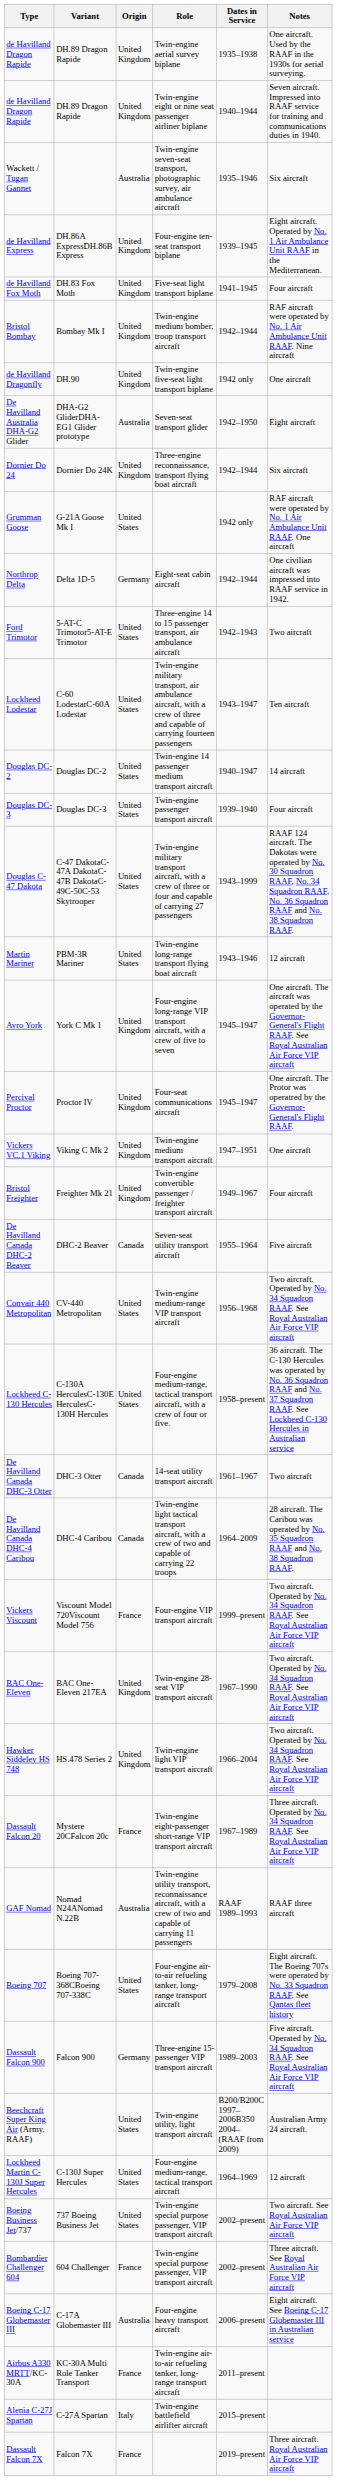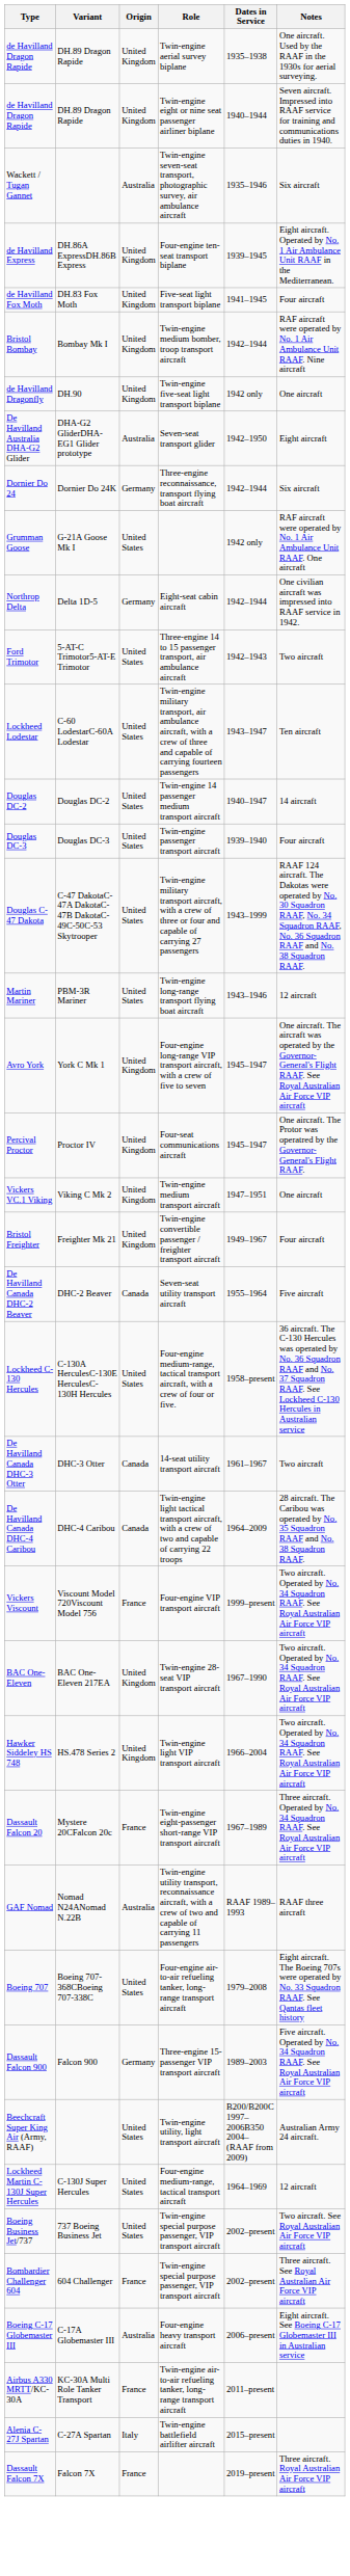 <table class="wikitable sortable">
 <tr>
 <th>Type</th>
 <th>Variant</th>
 <th>Origin</th>
 <th>Role</th>
 <th>Dates in Service</th>
 <th>Notes</th>
 </tr>
 <tr>
 <td><a href='#'>de Havilland Dragon Rapide</a></td>
 <td>DH.89 Dragon Rapide</td>
 <td>United Kingdom</td>
 <td>Twin-engine aerial survey biplane</td>
 <td>1935–1938</td>
 <td>One aircraft. Used by the RAAF in the 1930s for aerial surveying.</td>
 </tr>
 <tr>
 <td><a href='#'>de Havilland Dragon Rapide</a></td>
 <td>DH.89 Dragon Rapide</td>
 <td>United Kingdom</td>
 <td>Twin-engine eight or nine seat passenger airliner biplane</td>
 <td>1940–1944</td>
 <td>Seven aircraft. Impressed into RAAF service for training and communications duties in 1940.</td>
 </tr>
 <tr>
 <td>Wackett / <a href='#'>Tugan Gannet</a></td>
 <td></td>
 <td>Australia</td>
 <td>Twin-engine seven-seat transport, photographic survey, air ambulance aircraft</td>
 <td>1935–1946</td>
 <td>Six aircraft</td>
 </tr>
 <tr>
 <td><a href='#'>de Havilland Express</a></td>
 <td>DH.86A ExpressDH.86B Express</td>
 <td>United Kingdom</td>
 <td>Four-engine ten-seat transport biplane</td>
 <td>1939–1945</td>
 <td>Eight aircraft. Operated by <a href='#'>No. 1 Air Ambulance Unit RAAF</a> in the Mediterranean.</td>
 </tr>
 <tr>
 <td><a href='#'>de Havilland Fox Moth</a></td>
 <td>DH.83 Fox Moth</td>
 <td>United Kingdom</td>
 <td>Five-seat light transport biplane</td>
 <td>1941–1945</td>
 <td>Four aircraft</td>
 </tr>
 <tr>
 <td><a href='#'>Bristol Bombay</a></td>
 <td>Bombay Mk I</td>
 <td>United Kingdom</td>
 <td>Twin-engine medium bomber, troop transport aircraft</td>
 <td>1942–1944</td>
 <td>RAF aircraft were operated by <a href='#'>No. 1 Air Ambulance Unit RAAF</a>. Nine aircraft</td>
 </tr>
 <tr>
 <td><a href='#'>de Havilland Dragonfly</a></td>
 <td>DH.90</td>
 <td>United Kingdom</td>
 <td>Twin-engine five-seat light transport biplane</td>
 <td>1942 only</td>
 <td>One aircraft</td>
 </tr>
 <tr>
 <td><a href='#'>De Havilland Australia DHA-G2</a> Glider</td>
 <td>DHA-G2 GliderDHA-EG1 Glider prototype</td>
 <td>Australia</td>
 <td>Seven-seat transport glider</td>
 <td>1942–1950</td>
 <td>Eight aircraft</td>
 </tr>
 <tr>
 <td><a href='#'>Dornier Do 24</a></td>
 <td>Dornier Do 24K</td>
-<td>United Kingdom</td>
+<td>Germany</td>
 <td>Three-engine reconnaissance, transport flying boat aircraft</td>
 <td>1942–1944</td>
 <td>Six aircraft</td>
 </tr>
 <tr>
 <td><a href='#'>Grumman Goose</a></td>
 <td>G-21A Goose Mk I</td>
 <td>United States</td>
 <td></td>
 <td>1942 only</td>
 <td>RAF aircraft were operated by <a href='#'>No. 1 Air Ambulance Unit RAAF</a>. One aircraft</td>
 </tr>
 <tr>
 <td><a href='#'>Northrop Delta</a></td>
 <td>Delta 1D-5</td>
 <td>Germany</td>
 <td>Eight-seat cabin aircraft</td>
 <td>1942–1944</td>
 <td>One civilian aircraft was impressed into RAAF service in 1942.</td>
 </tr>
 <tr>
 <td><a href='#'>Ford Trimotor</a></td>
 <td>5-AT-C Trimotor5-AT-E Trimotor</td>
 <td>United States</td>
 <td>Three-engine 14 to 15 passenger transport, air ambulance aircraft</td>
 <td>1942–1943</td>
 <td>Two aircraft</td>
 </tr>
 <tr>
 <td><a href='#'>Lockheed Lodestar</a></td>
 <td>C-60 LodestarC-60A Lodestar</td>
 <td>United States</td>
 <td>Twin-engine military transport, air ambulance aircraft, with a crew of three and capable of carrying fourteen passengers</td>
 <td>1943–1947</td>
 <td>Ten aircraft</td>
 </tr>
 <tr>
 <td><a href='#'>Douglas DC-2</a></td>
 <td>Douglas DC-2</td>
 <td>United States</td>
 <td>Twin-engine 14 passenger medium transport aircraft</td>
 <td>1940–1947</td>
 <td>14 aircraft</td>
 </tr>
 <tr>
 <td><a href='#'>Douglas DC-3</a></td>
 <td>Douglas DC-3</td>
 <td>United States</td>
 <td>Twin-engine passenger transport aircraft</td>
 <td>1939–1940</td>
 <td>Four aircraft</td>
 </tr>
 <tr>
 <td><a href='#'>Douglas C-47 Dakota</a></td>
 <td>C-47 DakotaC-47A DakotaC-47B DakotaC-49C-50C-53 Skytrooper</td>
 <td>United States</td>
 <td>Twin-engine military transport aircraft, with a crew of three or four and capable of carrying 27 passengers</td>
 <td>1943–1999</td>
 <td>RAAF 124 aircraft. The Dakotas were operated by  <a href='#'>No. 30 Squadron RAAF</a>, <a href='#'>No. 34 Squadron RAAF</a>, <a href='#'>No. 36 Squadron RAAF</a> and <a href='#'>No. 38 Squadron RAAF</a>.</td>
 </tr>
 <tr .>
 <td><a href='#'>Martin Mariner</a></td>
 <td>PBM-3R Mariner</td>
 <td>United States</td>
 <td>Twin-engine long-range transport flying boat aircraft</td>
 <td>1943–1946</td>
 <td>12 aircraft</td>
 </tr>
 <tr>
 <td><a href='#'>Avro York</a></td>
 <td>York C Mk 1</td>
 <td>United Kingdom</td>
 <td>Four-engine long-range VIP transport aircraft, with a crew of five to seven</td>
 <td>1945–1947</td>
 <td>One aircraft. The aircraft was operated by the <a href='#'>Governor-General's Flight RAAF</a>. See <a href='#'>Royal Australian Air Force VIP aircraft</a></td>
 </tr>
 <tr>
 <td><a href='#'>Percival Proctor</a></td>
 <td>Proctor IV</td>
 <td>United Kingdom</td>
 <td>Four-seat communications aircraft</td>
 <td>1945–1947</td>
 <td>One aircraft. The Protor was operatred by the <a href='#'>Governor-General's Flight RAAF</a>.</td>
 </tr>
 <tr>
 <td><a href='#'>Vickers VC.1 Viking</a></td>
 <td>Viking C Mk 2</td>
 <td>United Kingdom</td>
 <td>Twin-engine medium transport aircraft</td>
 <td>1947–1951</td>
 <td>One aircraft</td>
 </tr>
 <tr>
 <td><a href='#'>Bristol Freighter</a></td>
 <td>Freighter Mk 21</td>
 <td>United Kingdom</td>
 <td>Twin-engine convertible passenger / freighter transport aircraft</td>
 <td>1949–1967</td>
 <td>Four aircraft</td>
 </tr>
 <tr>
 <td><a href='#'>De Havilland Canada DHC-2 Beaver</a></td>
 <td>DHC-2 Beaver</td>
 <td>Canada</td>
 <td>Seven-seat utility transport aircraft</td>
 <td>1955–1964</td>
 <td>Five aircraft</td>
-</tr>
-<tr>
-<td><a href='#'>Convair 440 Metropolitan</a></td>
-<td>CV-440 Metropolitan</td>
-<td>United States</td>
-<td>Twin-engine medium-range VIP transport aircraft</td>
-<td>1956–1968</td>
-<td>Two aircraft. Operated by <a href='#'>No. 34 Squadron RAAF</a>. See <a href='#'>Royal Australian Air Force VIP aircraft</a></td>
 </tr>
 <tr>
 <td><a href='#'>Lockheed C-130 Hercules</a></td>
 <td>C-130A HerculesC-130E HerculesC-130H Hercules</td>
 <td>United States</td>
 <td>Four-engine medium-range, tactical transport aircraft, with a crew of four or five.</td>
 <td>1958–present</td>
 <td>36 aircraft. The C-130 Hercules was operated by <a href='#'>No. 36 Squadron RAAF</a> and <a href='#'>No. 37 Squadron RAAF</a>. See <a href='#'>Lockheed C-130 Hercules in Australian service</a></td>
 </tr>
 <tr>
 <td><a href='#'>De Havilland Canada DHC-3 Otter</a></td>
 <td>DHC-3 Otter</td>
 <td>Canada</td>
 <td>14-seat utility transport aircraft</td>
 <td>1961–1967</td>
 <td>Two aircraft</td>
 </tr>
 <tr>
 <td><a href='#'>De Havilland Canada DHC-4 Caribou</a></td>
 <td>DHC-4 Caribou</td>
 <td>Canada</td>
 <td>Twin-engine light tactical transport aircraft, with a crew of two and capable of carrying 22 troops</td>
 <td>1964–2009</td>
 <td>28 aircraft. The Caribou was operated by <a href='#'>No. 35 Squadron RAAF</a> and <a href='#'>No. 38 Squadron RAAF</a>.</td>
 </tr>
 <tr>
 <td><a href='#'>Vickers Viscount</a></td>
 <td>Viscount Model 720Viscount Model 756</td>
 <td>France</td>
 <td>Four-engine VIP transport aircraft</td>
 <td>1999–present</td>
 <td>Two aircraft. Operated by <a href='#'>No. 34 Squadron RAAF</a>. See <a href='#'>Royal Australian Air Force VIP aircraft</a></td>
 </tr>
 <tr>
 <td><a href='#'>BAC One-Eleven</a></td>
 <td>BAC One-Eleven 217EA</td>
 <td>United Kingdom</td>
 <td>Twin-engine 28-seat VIP transport aircraft</td>
 <td>1967–1990</td>
 <td>Two aircraft. Operated by <a href='#'>No. 34 Squadron RAAF</a>. See <a href='#'>Royal Australian Air Force VIP aircraft</a></td>
 </tr>
 <tr>
 <td><a href='#'>Hawker Siddeley HS 748</a></td>
 <td>HS.478 Series 2</td>
 <td>United Kingdom</td>
 <td>Twin-engine light VIP transport aircraft</td>
 <td>1966–2004</td>
 <td>Two aircraft. Operated by <a href='#'>No. 34 Squadron RAAF</a>. See <a href='#'>Royal Australian Air Force VIP aircraft</a></td>
 </tr>
 <tr>
 <td><a href='#'>Dassault Falcon 20</a></td>
 <td>Mystere 20CFalcon 20c</td>
 <td>France</td>
 <td>Twin-engine eight-passenger short-range VIP transport aircraft</td>
 <td>1967–1989</td>
 <td>Three aircraft. Operated by <a href='#'>No. 34 Squadron RAAF</a>. See <a href='#'>Royal Australian Air Force VIP aircraft</a></td>
 </tr>
 <tr>
 <td><a href='#'>GAF Nomad</a></td>
 <td>Nomad N24ANomad N.22B</td>
 <td>Australia</td>
 <td>Twin-engine utility transport, reconnaissance aircraft, with a crew of two and capable of carrying 11 passengers</td>
 <td>RAAF 1989–1993</td>
 <td>RAAF three aircraft</td>
 </tr>
 <tr>
 <td><a href='#'>Boeing 707</a></td>
 <td>Boeing 707-368CBoeing 707-338C</td>
 <td>United States</td>
 <td>Four-engine air-to-air refueling tanker, long-range transport aircraft</td>
 <td>1979–2008</td>
 <td>Eight aircraft. The Boeing 707s were operated by <a href='#'>No. 33 Squadron RAAF</a>. See <a href='#'>Qantas fleet history</a></td>
 </tr>
 <tr>
 <td><a href='#'>Dassault Falcon 900</a></td>
 <td>Falcon 900</td>
 <td>Germany</td>
 <td>Three-engine 15-passenger VIP transport aircraft</td>
 <td>1989–2003</td>
 <td>Five aircraft. Operated by <a href='#'>No. 34 Squadron RAAF</a>. See <a href='#'>Royal Australian Air Force VIP aircraft</a></td>
 </tr>
 <tr>
 <td><a href='#'>Beechcraft Super King Air</a> (Army, RAAF)</td>
 <td></td>
 <td>United States</td>
 <td>Twin-engine utility, light transport aircraft</td>
 <td>B200/B200C 1997–2006B350 2004– (RAAF from 2009)</td>
 <td>Australian Army 24 aircraft.</td>
 </tr>
 <tr>
 <td><a href='#'>Lockheed Martin C-130J Super Hercules</a></td>
 <td>C-130J Super Hercules</td>
 <td>United States</td>
 <td>Four-engine medium-range, tactical transport aircraft</td>
 <td>1964–1969</td>
 <td>12 aircraft</td>
 </tr>
 <tr>
 <td><a href='#'>Boeing Business Jet</a>/737</td>
 <td>737 Boeing Business Jet</td>
 <td>United States</td>
 <td>Twin-engine special purpose passenger, VIP transport aircraft</td>
 <td>2002–present</td>
 <td>Two aircraft. See <a href='#'>Royal Australian Air Force VIP aircraft</a></td>
 </tr>
 <tr>
 <td><a href='#'>Bombardier Challenger 604</a></td>
 <td>604 Challenger</td>
 <td>France</td>
 <td>Twin-engine special purpose passenger, VIP transport aircraft</td>
 <td>2002–present</td>
 <td>Three aircraft. See <a href='#'>Royal Australian Air Force VIP aircraft</a></td>
 </tr>
 <tr>
 <td><a href='#'>Boeing C-17 Globemaster III</a></td>
 <td>C-17A Globemaster III</td>
 <td>Australia</td>
 <td>Four-engine heavy transport aircraft</td>
 <td>2006–present</td>
 <td>Eight aircraft. See <a href='#'>Boeing C-17 Globemaster III in Australian service</a></td>
 </tr>
 <tr>
 <td><a href='#'>Airbus A330 MRTT</a>/KC-30A</td>
 <td>KC-30A Multi Role Tanker Transport</td>
 <td>France</td>
 <td>Twin-engine air-to-air refueling tanker, long-range transport aircraft</td>
 <td>2011–present</td>
 <td></td>
 </tr>
 <tr>
 <td><a href='#'>Alenia C-27J Spartan</a></td>
 <td>C-27A Spartan</td>
 <td>Italy</td>
 <td>Twin-engine battlefield airlifter aircraft</td>
 <td>2015–present</td>
 <td></td>
 </tr>
 <tr>
 <td><a href='#'>Dassault Falcon 7X</a></td>
 <td>Falcon 7X</td>
 <td>France</td>
 <td></td>
 <td>2019–present</td>
 <td>Three aircraft. <a href='#'>Royal Australian Air Force VIP aircraft</a></td>
 </tr>
 </table>
